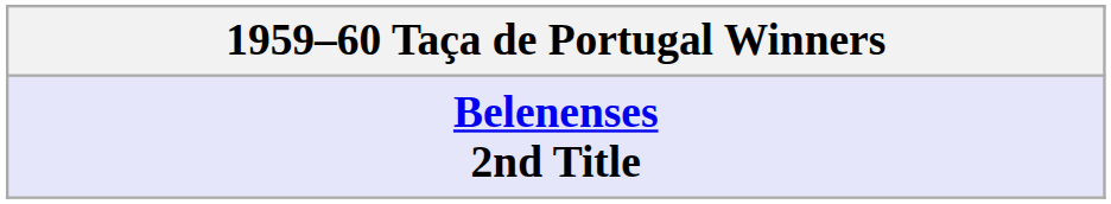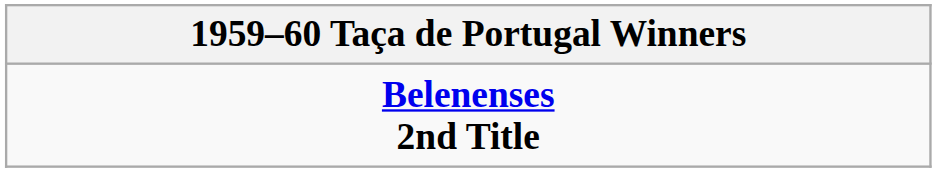 <table class="wikitable" style="text-align: center; margin: 0 auto; width: 20%">
 <tr>
 <th>1959–60 Taça de Portugal Winners</th>
 </tr>
 <tr>
-<td style="background: lavender;"><strong><a href='#'>Belenenses</a></strong><br><strong>2nd Title</strong></td>
+<td><strong><a href='#'>Belenenses</a></strong><br><strong>2nd Title</strong></td>
 </tr>
 </table>
